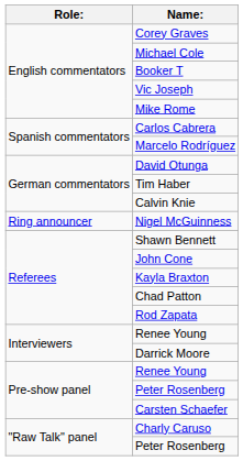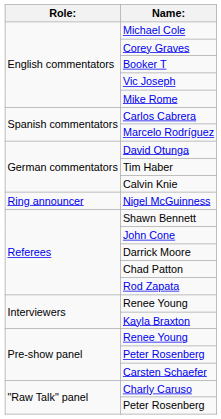 <table class=wikitable style="font-size:90%; margin: 0.5em 0 0.5em 1em; float: right; clear: right;">
 <tr>
 <th>Role:</th>
 <th>Name:</th>
 </tr>
 <tr>
 <td rowspan=5>English commentators</td>
-<td><a href='#'>Corey Graves</a></td>
+<td><a href='#'>Michael Cole</a></td>
 </tr>
 <tr>
-<td><a href='#'>Michael Cole</a></td>
+<td><a href='#'>Corey Graves</a></td>
 </tr>
 <tr>
 <td><a href='#'>Booker T</a></td>
 </tr>
 <tr>
 <td><a href='#'>Vic Joseph</a> </td>
 </tr>
 <tr>
 <td><a href='#'>Mike Rome</a></td>
 </tr>
 <tr>
 <td rowspan=2>Spanish commentators</td>
 <td><a href='#'>Carlos Cabrera</a></td>
 </tr>
 <tr>
 <td><a href='#'>Marcelo Rodríguez</a></td>
 </tr>
 <tr>
 <td rowspan=3>German commentators</td>
 <td><a href='#'>David Otunga</a></td>
 </tr>
 <tr>
 <td>Tim Haber</td>
 </tr>
 <tr>
 <td>Calvin Knie</td>
 </tr>
 <tr>
 <td rowspan=1><a href='#'>Ring announcer</a></td>
 <td><a href='#'>Nigel McGuinness</a> </td>
 </tr>
 <tr>
 <td rowspan=5><a href='#'>Referees</a></td>
 <td>Shawn Bennett</td>
 </tr>
 <tr>
 <td><a href='#'>John Cone</a></td>
 </tr>
 <tr>
-<td><a href='#'>Kayla Braxton</a></td>
+<td>Darrick Moore</td>
 </tr>
 <tr>
 <td>Chad Patton</td>
 </tr>
 <tr>
 <td><a href='#'>Rod Zapata</a></td>
 </tr>
 <tr>
 <td rowspan=2>Interviewers</td>
 <td>Renee Young</td>
 </tr>
 <tr>
-<td>Darrick Moore</td>
+<td><a href='#'>Kayla Braxton</a></td>
 </tr>
 <tr>
 <td rowspan=3>Pre-show panel</td>
 <td><a href='#'>Renee Young</a></td>
 </tr>
 <tr>
 <td><a href='#'>Peter Rosenberg</a></td>
 </tr>
 <tr>
 <td><a href='#'>Carsten Schaefer</a></td>
 </tr>
 <tr>
 <td rowspan=2>"Raw Talk" panel</td>
 <td><a href='#'>Charly Caruso</a></td>
 </tr>
 <tr>
 <td>Peter Rosenberg</td>
 </tr>
 </table>
